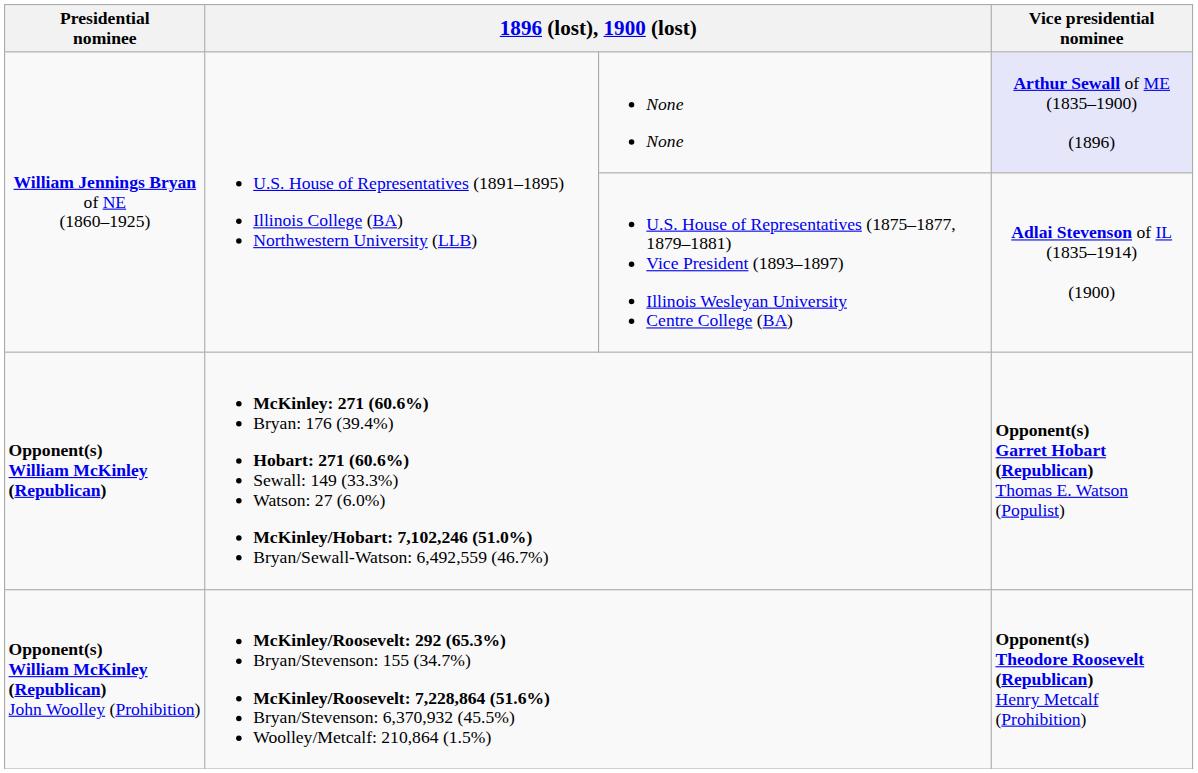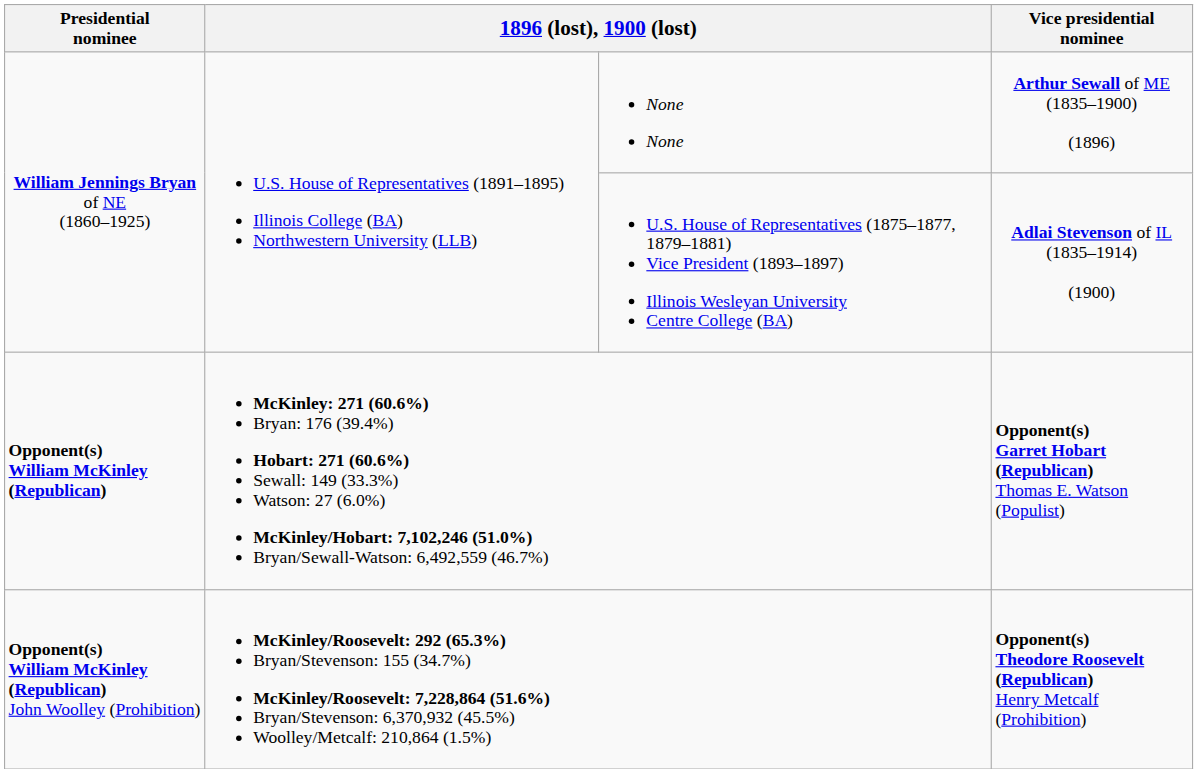 <table class="wikitable">
 <tr>
 <th width=175>Presidential<br>nominee</th>
 <th colspan=2><big><a href='#'>1896</a> (lost), <a href='#'>1900</a> (lost)</big></th>
 <th width=175>Vice presidential<br>nominee</th>
 </tr>
 <tr>
 <td rowspan=2 style="text-align:center;"><strong><a href='#'>William Jennings Bryan</a></strong> of <a href='#'>NE</a><br>(1860–1925)<br></td>
 <td rowspan=2 width=350><br><ul><li><a href='#'>U.S. House of Representatives</a> (1891–1895)</li></ul><ul><li><a href='#'>Illinois College</a> (<a href='#'>BA</a>)</li><li><a href='#'>Northwestern University</a> (<a href='#'>LLB</a>)</li></ul></td>
 <td width=350><br><ul><li><em>None</em></li></ul><ul><li><em>None</em></li></ul></td>
-<td style="background: lavender; text-align:center;"><strong><a href='#'>Arthur Sewall</a></strong> of <a href='#'>ME</a><br>(1835–1900)<br><br>(1896)</td>
+<td style="text-align:center;"><strong><a href='#'>Arthur Sewall</a></strong> of <a href='#'>ME</a><br>(1835–1900)<br><br>(1896)</td>
 </tr>
 <tr>
 <td><br><ul><li><a href='#'>U.S. House of Representatives</a> (1875–1877, 1879–1881)</li><li><a href='#'>Vice President</a> (1893–1897)</li></ul><ul><li><a href='#'>Illinois Wesleyan University</a></li><li><a href='#'>Centre College</a> (<a href='#'>BA</a>)</li></ul></td>
 <td style="text-align:center;"><strong><a href='#'>Adlai Stevenson</a></strong> of <a href='#'>IL</a><br>(1835–1914)<br><br>(1900)</td>
 </tr>
 <tr>
 <td><strong>Opponent(s)</strong><br><strong><a href='#'>William McKinley</a> (<a href='#'>Republican</a>)</strong></td>
 <td colspan=2><br><ul><li><strong>McKinley: 271 (60.6%)</strong></li><li>Bryan: 176 (39.4%)</li></ul><ul><li><strong>Hobart: 271 (60.6%)</strong></li><li>Sewall: 149 (33.3%)</li><li>Watson: 27 (6.0%)</li></ul><ul><li><strong>McKinley/Hobart: 7,102,246 (51.0%)</strong></li><li>Bryan/Sewall-Watson: 6,492,559 (46.7%)</li></ul></td>
 <td><strong>Opponent(s)</strong><br><strong><a href='#'>Garret Hobart</a> (<a href='#'>Republican</a>)</strong><br><a href='#'>Thomas E. Watson</a> (<a href='#'>Populist</a>)</td>
 </tr>
 <tr>
 <td><strong>Opponent(s)</strong><br><strong><a href='#'>William McKinley</a> (<a href='#'>Republican</a>)</strong><br><a href='#'>John Woolley</a> (<a href='#'>Prohibition</a>)</td>
 <td colspan=2><br><ul><li><strong>McKinley/Roosevelt: 292 (65.3%)</strong></li><li>Bryan/Stevenson: 155 (34.7%)</li></ul><ul><li><strong>McKinley/Roosevelt: 7,228,864 (51.6%)</strong></li><li>Bryan/Stevenson: 6,370,932 (45.5%)</li><li>Woolley/Metcalf: 210,864 (1.5%)</li></ul></td>
 <td><strong>Opponent(s)</strong><br><strong><a href='#'>Theodore Roosevelt</a> (<a href='#'>Republican</a>)</strong><br><a href='#'>Henry Metcalf</a> (<a href='#'>Prohibition</a>)</td>
 </tr>
 </table>
